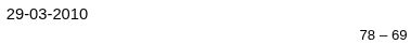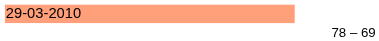 <table width=100% cellspacing=1>
 <tr>
 <th width=25%></th>
 <th width=10%></th>
 <th></th>
 </tr>
 <tr>
-<td>29-03-2010</td>
+<td style="background: lightsalmon;">29-03-2010</td>
 </tr>
 <tr style=font-size:90%>
 <td align=right></td>
 <td align=center>78 – 69</td>
 <td></td>
 </tr>
 </table>
